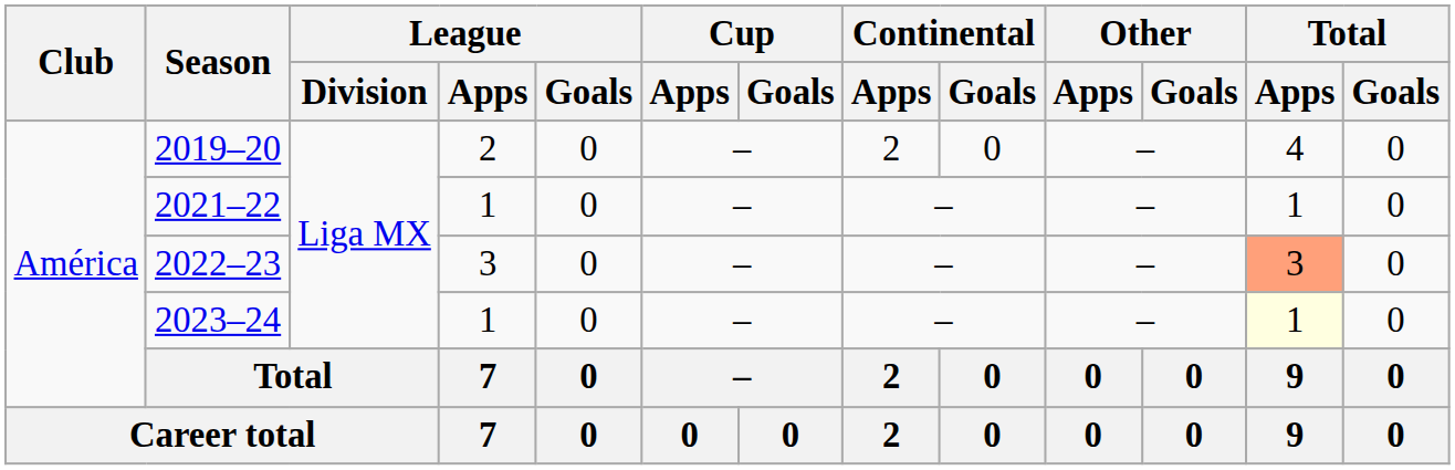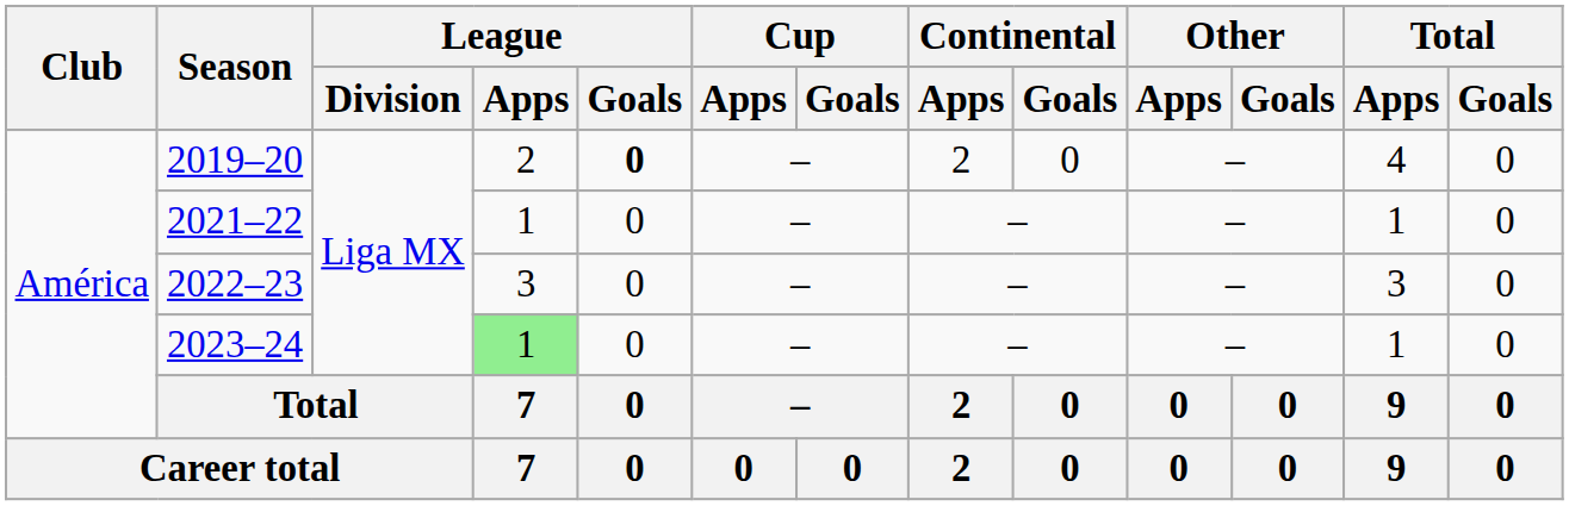 <table class="wikitable" style="text-align: center">
 <tr>
 <th rowspan="2">Club</th>
 <th rowspan="2">Season</th>
 <th colspan="3">League</th>
 <th colspan="2">Cup</th>
 <th colspan="2">Continental</th>
 <th colspan="2">Other</th>
 <th colspan="2">Total</th>
 </tr>
 <tr>
 <th>Division</th>
 <th>Apps</th>
 <th>Goals</th>
 <th>Apps</th>
 <th>Goals</th>
 <th>Apps</th>
 <th>Goals</th>
 <th>Apps</th>
 <th>Goals</th>
 <th>Apps</th>
 <th>Goals</th>
 </tr>
 <tr>
 <td rowspan="5"><a href='#'>América</a></td>
 <td><a href='#'>2019–20</a></td>
 <td rowspan="4"><a href='#'>Liga MX</a></td>
 <td>2</td>
-<td>0</td>
+<td><strong>0</strong></td>
 <td colspan="2">–</td>
 <td>2</td>
 <td>0</td>
 <td colspan="2">–</td>
 <td>4</td>
 <td>0</td>
 </tr>
 <tr>
 <td><a href='#'>2021–22</a></td>
 <td>1</td>
 <td>0</td>
 <td colspan="2">–</td>
 <td colspan="2">–</td>
 <td colspan="2">–</td>
 <td>1</td>
 <td>0</td>
 </tr>
 <tr>
 <td><a href='#'>2022–23</a></td>
 <td>3</td>
 <td>0</td>
 <td colspan="2">–</td>
 <td colspan="2">–</td>
 <td colspan="2">–</td>
-<td style="background: lightsalmon;">3</td>
+<td>3</td>
 <td>0</td>
 </tr>
 <tr>
 <td><a href='#'>2023–24</a></td>
-<td>1</td>
+<td style="background: lightgreen;">1</td>
 <td>0</td>
 <td colspan="2">–</td>
 <td colspan="2">–</td>
 <td colspan="2">–</td>
-<td style="background: lightyellow;">1</td>
+<td>1</td>
 <td>0</td>
 </tr>
 <tr>
 <th colspan="2">Total</th>
 <th>7</th>
 <th>0</th>
 <th colspan="2">–</th>
 <th>2</th>
 <th>0</th>
 <th>0</th>
 <th>0</th>
 <th>9</th>
 <th>0</th>
 </tr>
 <tr>
 <th colspan="3"><strong>Career total</strong></th>
 <th>7</th>
 <th>0</th>
 <th>0</th>
 <th>0</th>
 <th>2</th>
 <th>0</th>
 <th>0</th>
 <th>0</th>
 <th>9</th>
 <th>0</th>
 </tr>
 </table>
